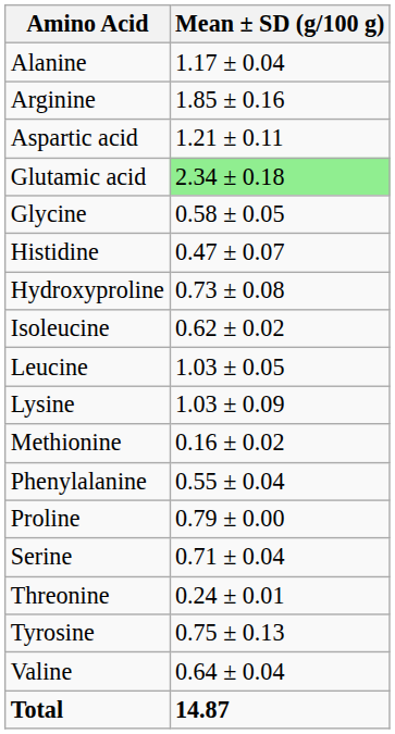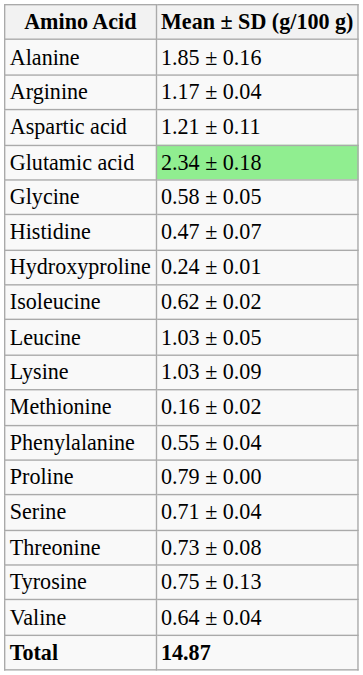 <table class="wikitable sortable" border="1">
 <tr>
 <th scope="col">Amino Acid</th>
 <th scope="col">Mean ± SD (g/100 g)</th>
 </tr>
 <tr>
 <td>Alanine</td>
-<td>1.17 ± 0.04</td>
+<td>1.85 ± 0.16</td>
 </tr>
 <tr>
 <td>Arginine</td>
-<td>1.85 ± 0.16</td>
+<td>1.17 ± 0.04</td>
 </tr>
 <tr>
 <td>Aspartic acid</td>
 <td>1.21 ± 0.11</td>
 </tr>
 <tr>
 <td>Glutamic acid</td>
 <td style="background: lightgreen;">2.34 ± 0.18</td>
 </tr>
 <tr>
 <td>Glycine</td>
 <td>0.58 ± 0.05</td>
 </tr>
 <tr>
 <td>Histidine</td>
 <td>0.47 ± 0.07</td>
 </tr>
 <tr>
 <td>Hydroxyproline</td>
-<td>0.73 ± 0.08</td>
+<td>0.24 ± 0.01</td>
 </tr>
 <tr>
 <td>Isoleucine</td>
 <td>0.62 ± 0.02</td>
 </tr>
 <tr>
 <td>Leucine</td>
 <td>1.03 ± 0.05</td>
 </tr>
 <tr>
 <td>Lysine</td>
 <td>1.03 ± 0.09</td>
 </tr>
 <tr>
 <td>Methionine</td>
 <td>0.16 ± 0.02</td>
 </tr>
 <tr>
 <td>Phenylalanine</td>
 <td>0.55 ± 0.04</td>
 </tr>
 <tr>
 <td>Proline</td>
 <td>0.79 ± 0.00</td>
 </tr>
 <tr>
 <td>Serine</td>
 <td>0.71 ± 0.04</td>
 </tr>
 <tr>
 <td>Threonine</td>
-<td>0.24 ± 0.01</td>
+<td>0.73 ± 0.08</td>
 </tr>
 <tr>
 <td>Tyrosine</td>
 <td>0.75 ± 0.13</td>
 </tr>
 <tr>
 <td>Valine</td>
 <td>0.64 ± 0.04</td>
 </tr>
 <tr>
 <td><strong>Total</strong></td>
 <td><strong>14.87</strong></td>
 </tr>
 </table>
